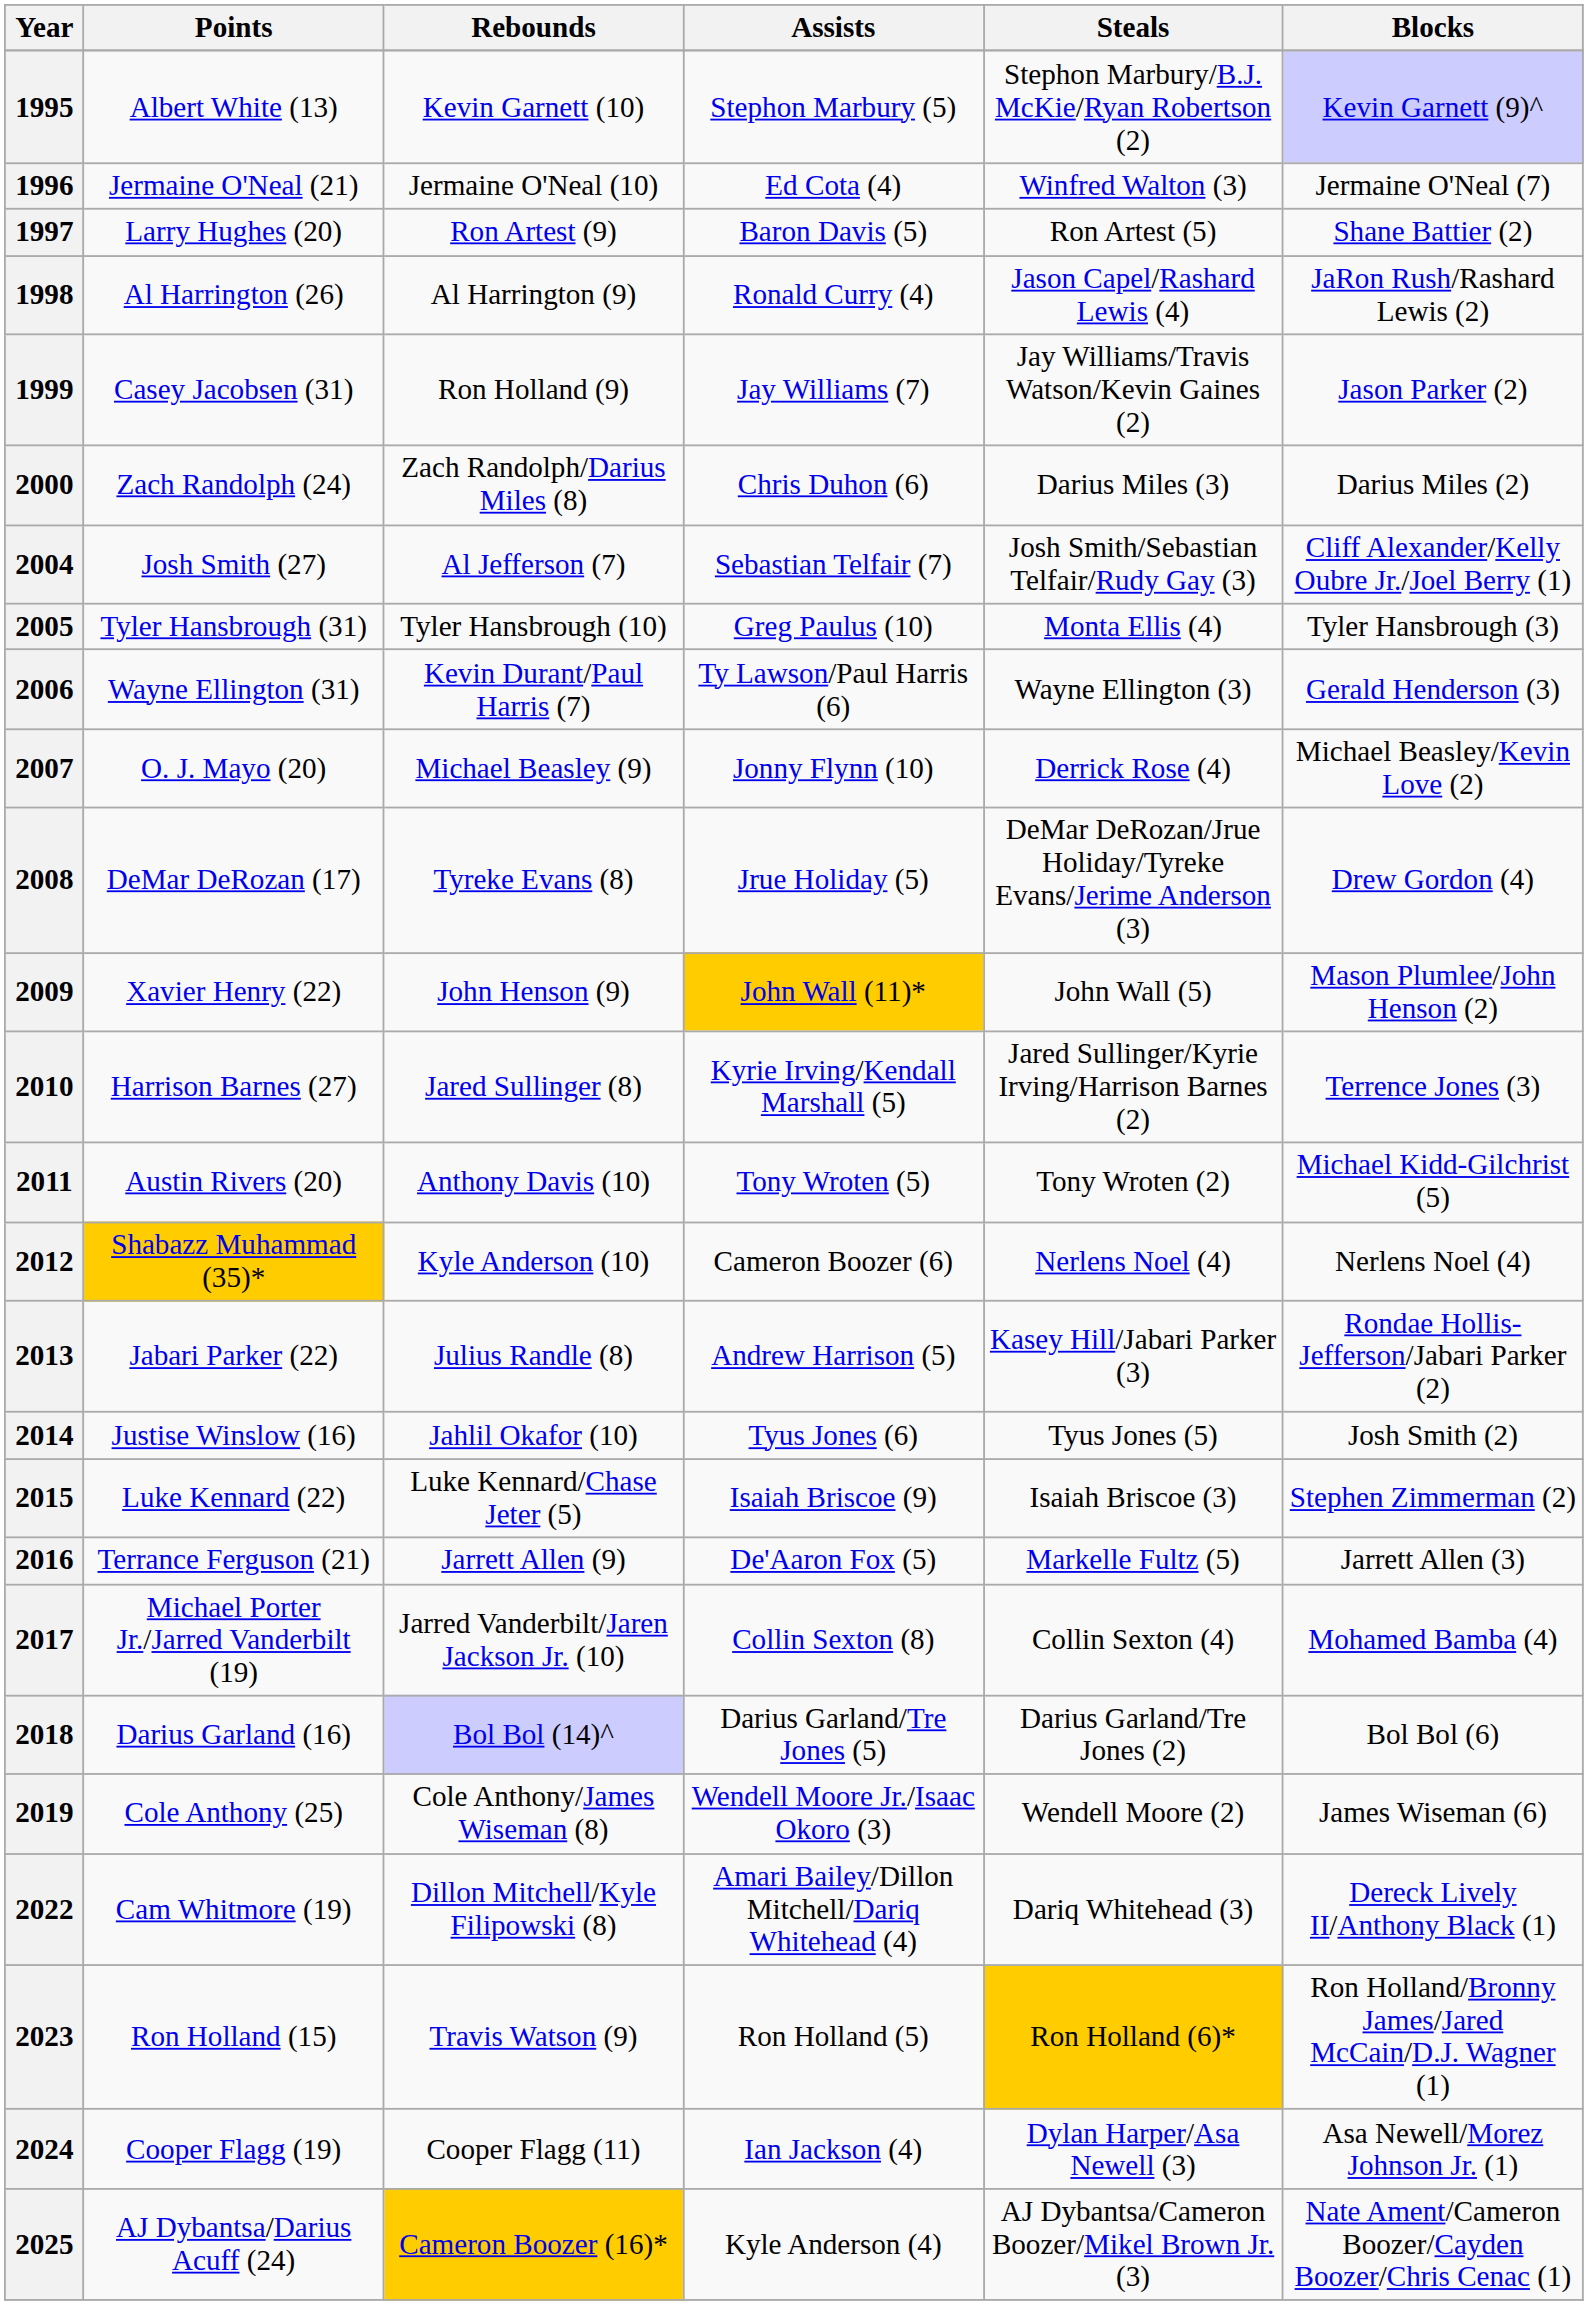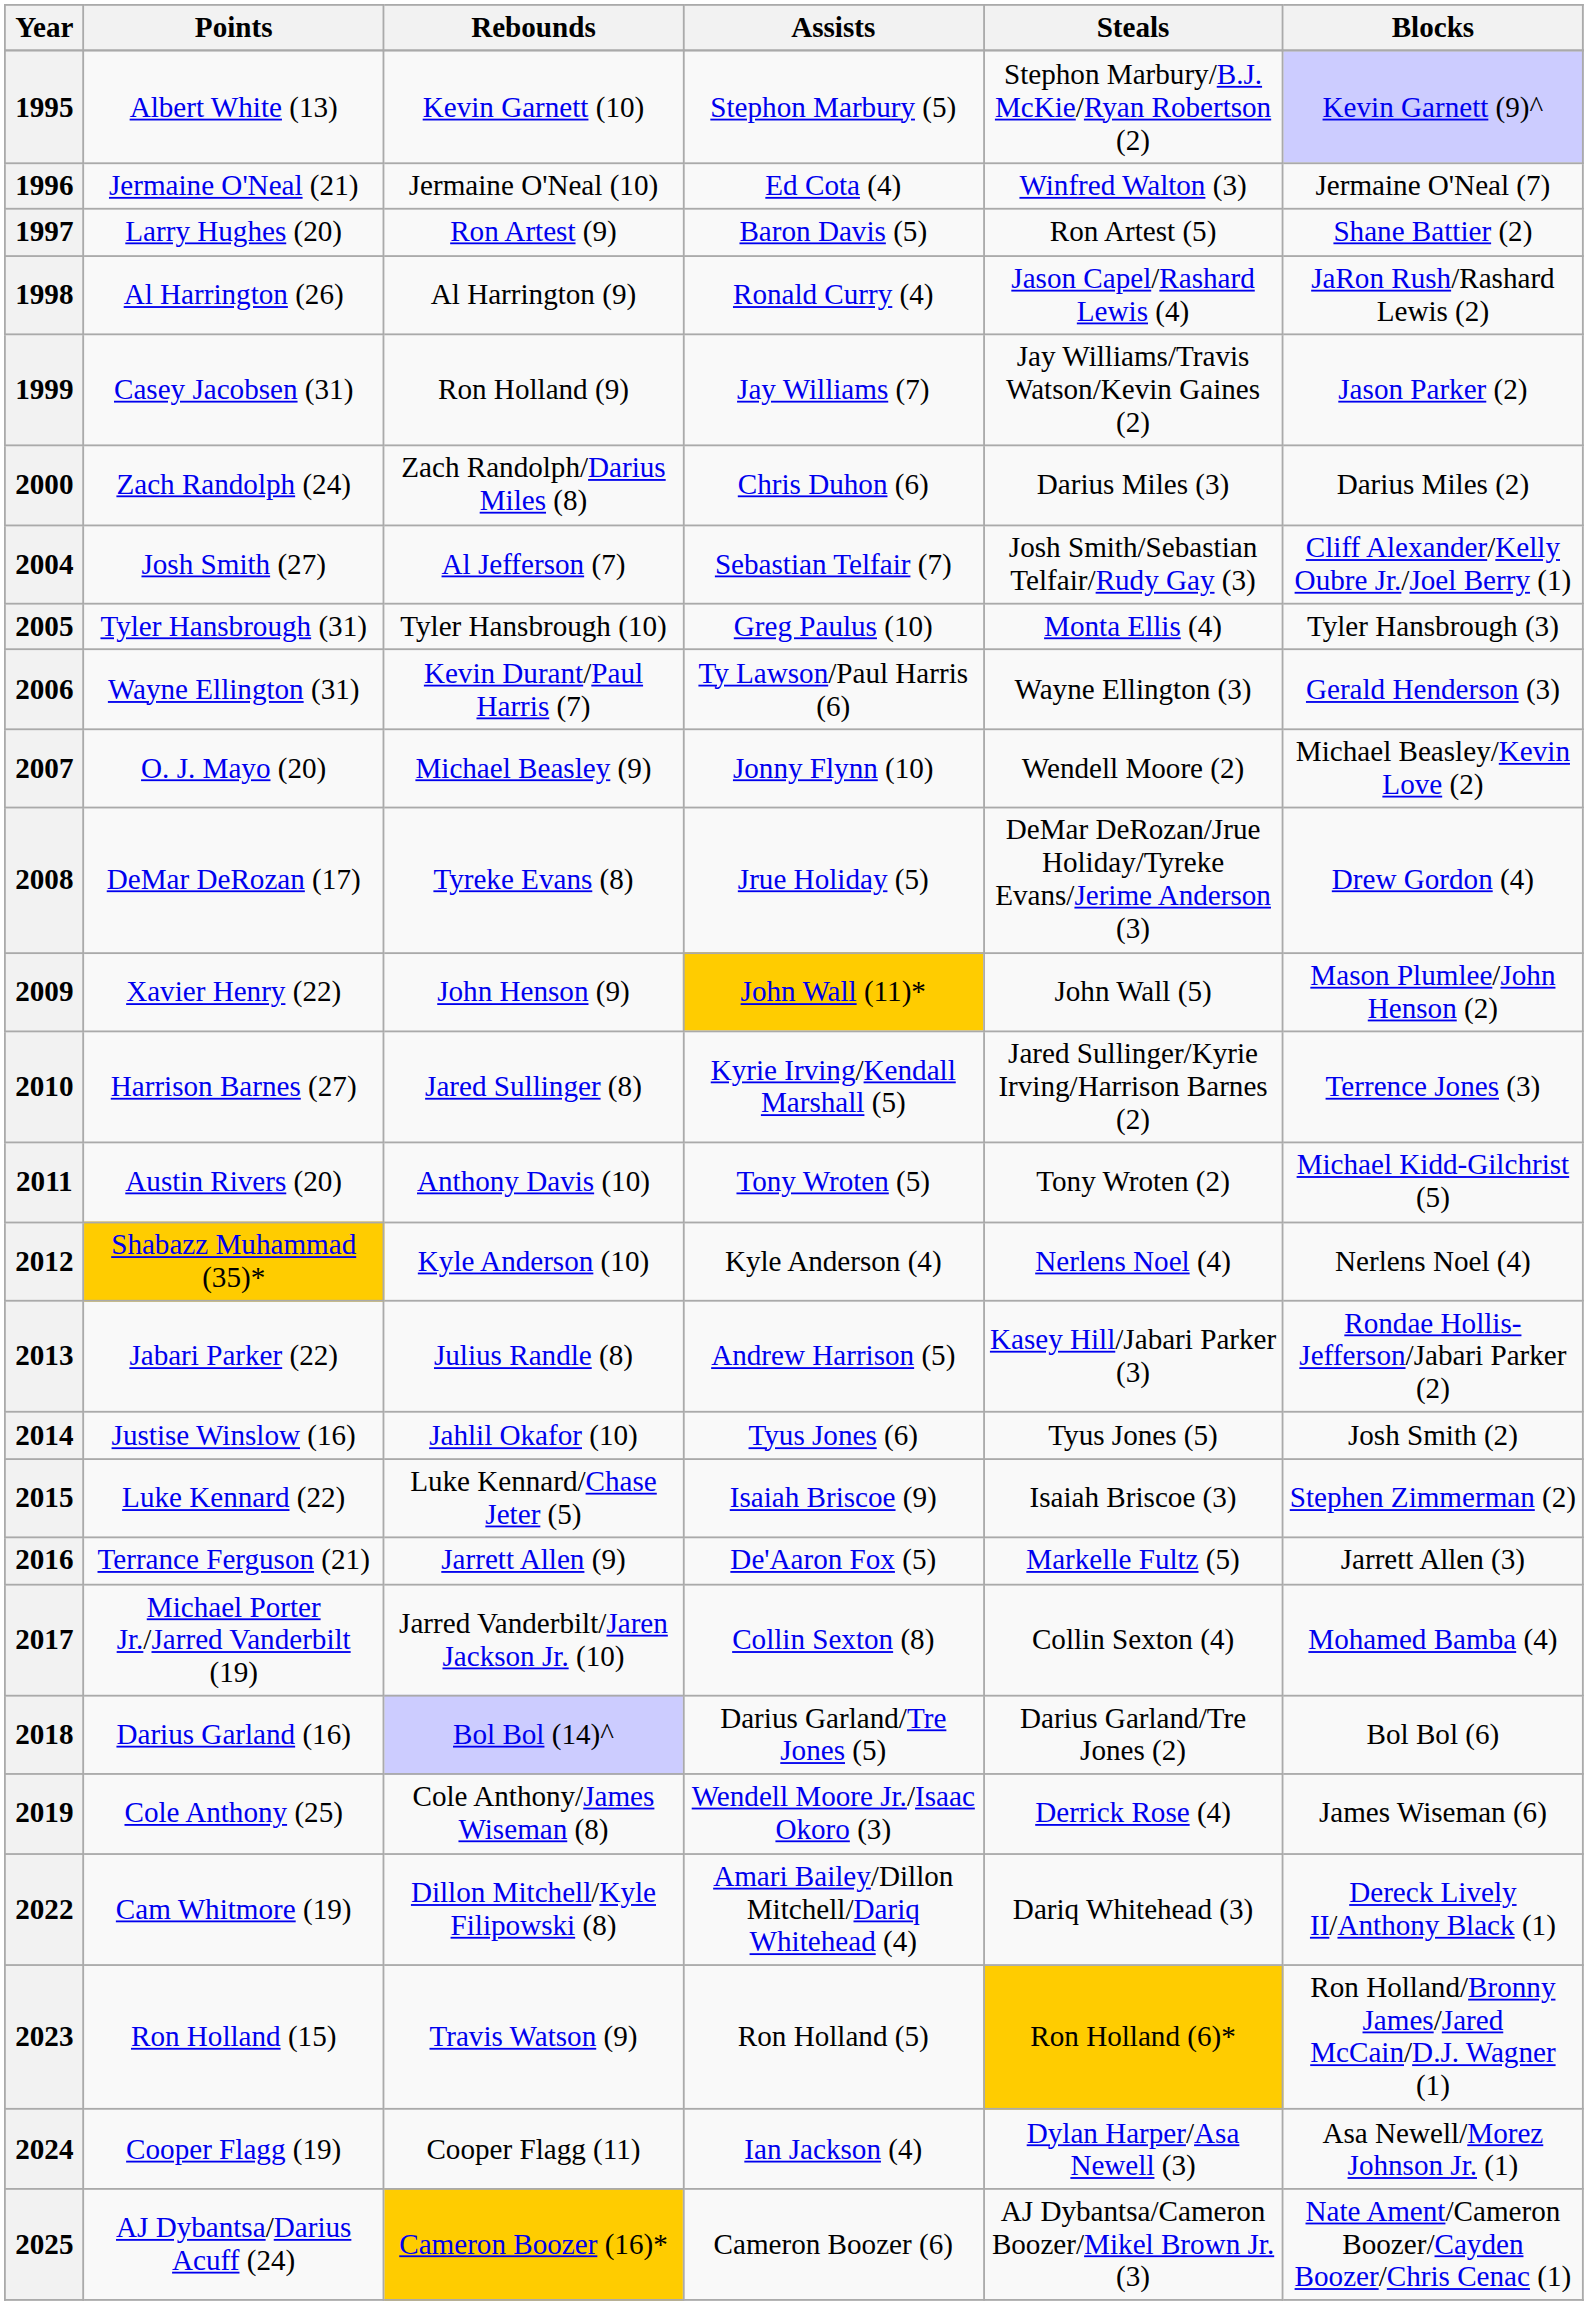 <table class="wikitable sortable" style="text-align:center">
 <tr>
 <th class="unsortable" style="width:5%">Year</th>
 <th class="unsortable" style="width:19%">Points</th>
 <th class="unsortable" style="width:19%">Rebounds</th>
 <th class="unsortable" style="width:19%">Assists</th>
 <th class="unsortable" style="width:19%">Steals</th>
 <th class="unsortable" style="width:19%">Blocks</th>
 </tr>
 <tr>
 </tr>
 <tr>
 <th>1995</th>
 <td><a href='#'>Albert White</a> (13)</td>
 <td><a href='#'>Kevin Garnett</a> (10)</td>
 <td><a href='#'>Stephon Marbury</a> (5)</td>
 <td>Stephon Marbury/<a href='#'>B.J. McKie</a>/<a href='#'>Ryan Robertson</a> (2)</td>
 <td style="background-color:#CCCCFF"><a href='#'>Kevin Garnett</a> (9)^</td>
 </tr>
 <tr>
 <th>1996</th>
 <td><a href='#'>Jermaine O'Neal</a> (21)</td>
 <td>Jermaine O'Neal (10)</td>
 <td><a href='#'>Ed Cota</a> (4)</td>
 <td><a href='#'>Winfred Walton</a> (3)</td>
 <td>Jermaine O'Neal (7)</td>
 </tr>
 <tr>
 <th>1997</th>
 <td><a href='#'>Larry Hughes</a> (20)</td>
 <td><a href='#'>Ron Artest</a> (9)</td>
 <td><a href='#'>Baron Davis</a> (5)</td>
 <td>Ron Artest (5)</td>
 <td><a href='#'>Shane Battier</a> (2)</td>
 </tr>
 <tr>
 <th>1998</th>
 <td><a href='#'>Al Harrington</a> (26)</td>
 <td>Al Harrington (9)</td>
 <td><a href='#'>Ronald Curry</a> (4)</td>
 <td><a href='#'>Jason Capel</a>/<a href='#'>Rashard Lewis</a> (4)</td>
 <td><a href='#'>JaRon Rush</a>/Rashard Lewis (2)</td>
 </tr>
 <tr>
 <th>1999</th>
 <td><a href='#'>Casey Jacobsen</a> (31)</td>
 <td>Ron Holland (9)</td>
 <td><a href='#'>Jay Williams</a> (7)</td>
 <td>Jay Williams/Travis Watson/Kevin Gaines (2)</td>
 <td><a href='#'>Jason Parker</a> (2)</td>
 </tr>
 <tr>
 <th>2000</th>
 <td><a href='#'>Zach Randolph</a> (24)</td>
 <td>Zach Randolph/<a href='#'>Darius Miles</a> (8)</td>
 <td><a href='#'>Chris Duhon</a> (6)</td>
 <td>Darius Miles (3)</td>
 <td>Darius Miles (2)</td>
 </tr>
 <tr>
 <th>2004</th>
 <td><a href='#'>Josh Smith</a> (27)</td>
 <td><a href='#'>Al Jefferson</a> (7)</td>
 <td><a href='#'>Sebastian Telfair</a> (7)</td>
 <td>Josh Smith/Sebastian Telfair/<a href='#'>Rudy Gay</a> (3)</td>
 <td><a href='#'>Cliff Alexander</a>/<a href='#'>Kelly Oubre Jr.</a>/<a href='#'>Joel Berry</a> (1)</td>
 </tr>
 <tr>
 <th>2005</th>
 <td><a href='#'>Tyler Hansbrough</a> (31)</td>
 <td>Tyler Hansbrough (10)</td>
 <td><a href='#'>Greg Paulus</a> (10)</td>
 <td><a href='#'>Monta Ellis</a> (4)</td>
 <td>Tyler Hansbrough (3)</td>
 </tr>
 <tr>
 <th>2006</th>
 <td><a href='#'>Wayne Ellington</a> (31)</td>
 <td><a href='#'>Kevin Durant</a>/<a href='#'>Paul Harris</a> (7)</td>
 <td><a href='#'>Ty Lawson</a>/Paul Harris (6)</td>
 <td>Wayne Ellington (3)</td>
 <td><a href='#'>Gerald Henderson</a> (3)</td>
 </tr>
 <tr>
 <th>2007</th>
 <td><a href='#'>O. J. Mayo</a> (20)</td>
 <td><a href='#'>Michael Beasley</a> (9)</td>
 <td><a href='#'>Jonny Flynn</a> (10)</td>
-<td><a href='#'>Derrick Rose</a> (4)</td>
+<td>Wendell Moore (2)</td>
 <td>Michael Beasley/<a href='#'>Kevin Love</a> (2)</td>
 </tr>
 <tr>
 <th>2008</th>
 <td><a href='#'>DeMar DeRozan</a> (17)</td>
 <td><a href='#'>Tyreke Evans</a> (8)</td>
 <td><a href='#'>Jrue Holiday</a> (5)</td>
 <td>DeMar DeRozan/Jrue Holiday/Tyreke Evans/<a href='#'>Jerime Anderson</a> (3)</td>
 <td><a href='#'>Drew Gordon</a> (4)</td>
 </tr>
 <tr>
 <th>2009</th>
 <td><a href='#'>Xavier Henry</a> (22)</td>
 <td><a href='#'>John Henson</a> (9)</td>
 <td style="background-color:#FFCC00"><a href='#'>John Wall</a> (11)*</td>
 <td>John Wall (5)</td>
 <td><a href='#'>Mason Plumlee</a>/<a href='#'>John Henson</a> (2)</td>
 </tr>
 <tr>
 <th>2010</th>
 <td><a href='#'>Harrison Barnes</a> (27)</td>
 <td><a href='#'>Jared Sullinger</a> (8)</td>
 <td><a href='#'>Kyrie Irving</a>/<a href='#'>Kendall Marshall</a> (5)</td>
 <td>Jared Sullinger/Kyrie Irving/Harrison Barnes (2)</td>
 <td><a href='#'>Terrence Jones</a> (3)</td>
 </tr>
 <tr>
 <th>2011</th>
 <td><a href='#'>Austin Rivers</a> (20)</td>
 <td><a href='#'>Anthony Davis</a> (10)</td>
 <td><a href='#'>Tony Wroten</a> (5)</td>
 <td>Tony Wroten (2)</td>
 <td><a href='#'>Michael Kidd-Gilchrist</a> (5)</td>
 </tr>
 <tr>
 <th>2012</th>
 <td style="background-color:#FFCC00"><a href='#'>Shabazz Muhammad</a> (35)*</td>
 <td><a href='#'>Kyle Anderson</a> (10)</td>
-<td>Cameron Boozer (6)</td>
+<td>Kyle Anderson (4)</td>
 <td><a href='#'>Nerlens Noel</a> (4)</td>
 <td>Nerlens Noel (4)</td>
 </tr>
 <tr>
 <th>2013</th>
 <td><a href='#'>Jabari Parker</a> (22)</td>
 <td><a href='#'>Julius Randle</a> (8)</td>
 <td><a href='#'>Andrew Harrison</a> (5)</td>
 <td><a href='#'>Kasey Hill</a>/Jabari Parker (3)</td>
 <td><a href='#'>Rondae Hollis-Jefferson</a>/Jabari Parker (2)</td>
 </tr>
 <tr>
 <th>2014</th>
 <td><a href='#'>Justise Winslow</a> (16)</td>
 <td><a href='#'>Jahlil Okafor</a> (10)</td>
 <td><a href='#'>Tyus Jones</a> (6)</td>
 <td>Tyus Jones (5)</td>
 <td>Josh Smith (2)</td>
 </tr>
 <tr>
 <th>2015</th>
 <td><a href='#'>Luke Kennard</a> (22)</td>
 <td>Luke Kennard/<a href='#'>Chase Jeter</a> (5)</td>
 <td><a href='#'>Isaiah Briscoe</a> (9)</td>
 <td>Isaiah Briscoe (3)</td>
 <td><a href='#'>Stephen Zimmerman</a> (2)</td>
 </tr>
 <tr>
 <th>2016</th>
 <td><a href='#'>Terrance Ferguson</a> (21)</td>
 <td><a href='#'>Jarrett Allen</a> (9)</td>
 <td><a href='#'>De'Aaron Fox</a> (5)</td>
 <td><a href='#'>Markelle Fultz</a> (5)</td>
 <td>Jarrett Allen (3)</td>
 </tr>
 <tr>
 <th>2017</th>
 <td><a href='#'>Michael Porter Jr.</a>/<a href='#'>Jarred Vanderbilt</a> (19)</td>
 <td>Jarred Vanderbilt/<a href='#'>Jaren Jackson Jr.</a> (10)</td>
 <td><a href='#'>Collin Sexton</a> (8)</td>
 <td>Collin Sexton (4)</td>
 <td><a href='#'>Mohamed Bamba</a> (4)</td>
 </tr>
 <tr>
 <th>2018</th>
 <td><a href='#'>Darius Garland</a> (16)</td>
 <td style="background-color:#CCCCFF"><a href='#'>Bol Bol</a> (14)^</td>
 <td>Darius Garland/<a href='#'>Tre Jones</a> (5)</td>
 <td>Darius Garland/Tre Jones (2)</td>
 <td>Bol Bol (6)</td>
 </tr>
 <tr>
 <th>2019</th>
 <td><a href='#'>Cole Anthony</a> (25)</td>
 <td>Cole Anthony/<a href='#'>James Wiseman</a> (8)</td>
 <td><a href='#'>Wendell Moore Jr.</a>/<a href='#'>Isaac Okoro</a> (3)</td>
-<td>Wendell Moore (2)</td>
+<td><a href='#'>Derrick Rose</a> (4)</td>
 <td>James Wiseman (6)</td>
 </tr>
 <tr>
 <th>2022</th>
 <td><a href='#'>Cam Whitmore</a> (19)</td>
 <td><a href='#'>Dillon Mitchell</a>/<a href='#'>Kyle Filipowski</a> (8)</td>
 <td><a href='#'>Amari Bailey</a>/Dillon Mitchell/<a href='#'>Dariq Whitehead</a> (4)</td>
 <td>Dariq Whitehead (3)</td>
 <td><a href='#'>Dereck Lively II</a>/<a href='#'>Anthony Black</a> (1)</td>
 </tr>
 <tr>
 <th>2023</th>
 <td><a href='#'>Ron Holland</a> (15)</td>
 <td><a href='#'>Travis Watson</a> (9)</td>
 <td>Ron Holland (5)</td>
 <td style="background-color:#FFCC00">Ron Holland (6)*</td>
 <td>Ron Holland/<a href='#'>Bronny James</a>/<a href='#'>Jared McCain</a>/<a href='#'>D.J. Wagner</a> (1)</td>
 </tr>
 <tr>
 <th>2024</th>
 <td><a href='#'>Cooper Flagg</a> (19)</td>
 <td>Cooper Flagg (11)</td>
 <td><a href='#'>Ian Jackson</a> (4)</td>
 <td><a href='#'>Dylan Harper</a>/<a href='#'>Asa Newell</a> (3)</td>
 <td>Asa Newell/<a href='#'>Morez Johnson Jr.</a> (1)</td>
 </tr>
 <tr>
 <th>2025</th>
 <td><a href='#'>AJ Dybantsa</a>/<a href='#'>Darius Acuff</a> (24)</td>
 <td style="background-color:#FFCC00"><a href='#'>Cameron Boozer</a> (16)*</td>
-<td>Kyle Anderson (4)</td>
+<td>Cameron Boozer (6)</td>
 <td>AJ Dybantsa/Cameron Boozer/<a href='#'>Mikel Brown Jr.</a> (3)</td>
 <td><a href='#'>Nate Ament</a>/Cameron Boozer/<a href='#'>Cayden Boozer</a>/<a href='#'>Chris Cenac</a> (1)</td>
 </tr>
 </table>
